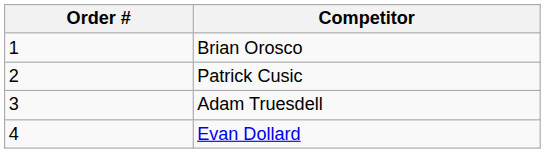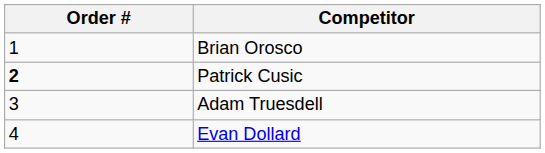 <table class="wikitable" style="width:30%;">
 <tr>
 <th>Order #</th>
 <th>Competitor</th>
 </tr>
 <tr>
 <td>1</td>
 <td>Brian Orosco</td>
 </tr>
 <tr>
-<td>2</td>
+<td><strong>2</strong></td>
 <td>Patrick Cusic</td>
 </tr>
 <tr>
 <td>3</td>
 <td>Adam Truesdell</td>
 </tr>
 <tr>
 <td>4</td>
 <td><a href='#'>Evan Dollard</a></td>
 </tr>
 </table>
